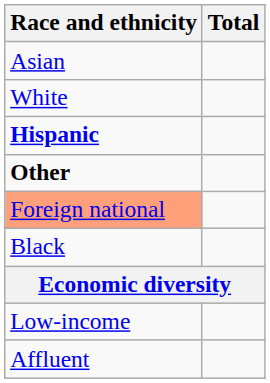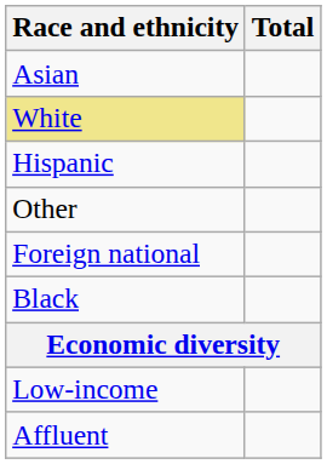 <table class="wikitable floatright sortable collapsible"; text-align:right; font-size:80%;">
 <tr>
 <th>Race and ethnicity</th>
 <th colspan="2" data-sort-type=number>Total</th>
 </tr>
 <tr>
 <td><a href='#'>Asian</a></td>
 <td align=right></td>
 </tr>
 <tr>
-<td><a href='#'>White</a></td>
+<td style="background: khaki;"><a href='#'>White</a></td>
 <td align=right></td>
 </tr>
 <tr>
-<td><strong><a href='#'>Hispanic</a></strong></td>
+<td><a href='#'>Hispanic</a></td>
 <td align=right></td>
 </tr>
 <tr>
-<td><strong>Other</strong></td>
+<td>Other</td>
 <td align=right></td>
 </tr>
 <tr>
-<td style="background: lightsalmon;"><a href='#'>Foreign national</a></td>
+<td><a href='#'>Foreign national</a></td>
 <td align=right></td>
 </tr>
 <tr>
 <td><a href='#'>Black</a></td>
 <td align=right></td>
 </tr>
 <tr>
 <th colspan="4" data-sort-type=number><a href='#'>Economic diversity</a></th>
 </tr>
 <tr>
 <td><a href='#'>Low-income</a></td>
 <td align=right></td>
 </tr>
 <tr>
 <td><a href='#'>Affluent</a></td>
 <td align=right></td>
 </tr>
 </table>
